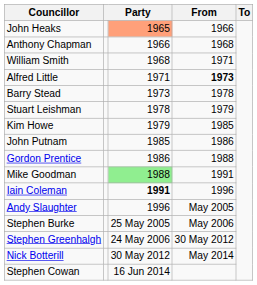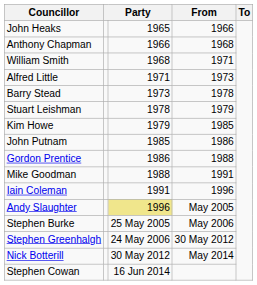 <table class=wikitable>
 <tr>
 <th>Councillor</th>
 <th colspan=2>Party</th>
 <th>From</th>
 <th>To</th>
 </tr>
 <tr>
 <td>John Heaks</td>
 <td></td>
-<td align=right style="background: lightsalmon;">1965</td>
+<td align=right>1965</td>
 <td align=right>1966</td>
 </tr>
 <tr>
 <td>Anthony Chapman</td>
 <td></td>
 <td align=right>1966</td>
 <td align=right>1968</td>
 </tr>
 <tr>
 <td>William Smith</td>
 <td></td>
 <td align=right>1968</td>
 <td align=right>1971</td>
 </tr>
 <tr>
 <td>Alfred Little</td>
 <td></td>
 <td align=right>1971</td>
-<td align=right><strong>1973</strong></td>
+<td align=right>1973</td>
 </tr>
 <tr>
 <td>Barry Stead</td>
 <td></td>
 <td align=right>1973</td>
 <td align=right>1978</td>
 </tr>
 <tr>
 <td>Stuart Leishman</td>
 <td></td>
 <td align=right>1978</td>
 <td align=right>1979</td>
 </tr>
 <tr>
 <td>Kim Howe</td>
 <td></td>
 <td align=right>1979</td>
 <td align=right>1985</td>
 </tr>
 <tr>
 <td>John Putnam</td>
 <td></td>
 <td align=right>1985</td>
 <td align=right>1986</td>
 </tr>
 <tr>
 <td><a href='#'>Gordon Prentice</a></td>
 <td></td>
 <td align=right>1986</td>
 <td align=right>1988</td>
 </tr>
 <tr>
 <td>Mike Goodman</td>
 <td></td>
-<td align=right style="background: lightgreen;">1988</td>
+<td align=right>1988</td>
 <td align=right>1991</td>
 </tr>
 <tr>
 <td><a href='#'>Iain Coleman</a></td>
 <td></td>
-<td align=right><strong>1991</strong></td>
+<td align=right>1991</td>
 <td align=right>1996</td>
 </tr>
 <tr>
 <td><a href='#'>Andy Slaughter</a></td>
 <td></td>
-<td align=right>1996</td>
+<td align=right style="background: khaki;">1996</td>
 <td align=right>May 2005</td>
 </tr>
 <tr>
 <td>Stephen Burke</td>
 <td></td>
 <td align=right>25 May 2005</td>
 <td align=right>May 2006</td>
 </tr>
 <tr>
 <td><a href='#'>Stephen Greenhalgh</a></td>
 <td></td>
 <td align=right>24 May 2006</td>
 <td align=right>30 May 2012</td>
 </tr>
 <tr>
 <td><a href='#'>Nick Botterill</a></td>
 <td></td>
 <td align=right>30 May 2012</td>
 <td align=right>May 2014</td>
 </tr>
 <tr>
 <td>Stephen Cowan</td>
 <td></td>
 <td align=right>16 Jun 2014</td>
 <td></td>
 </tr>
 </table>
